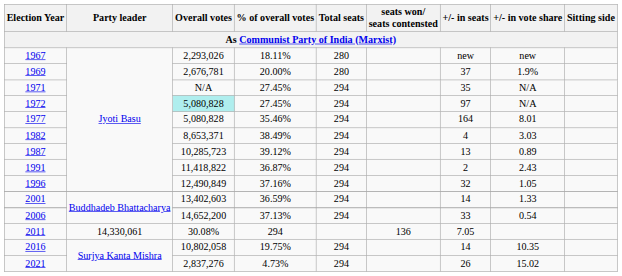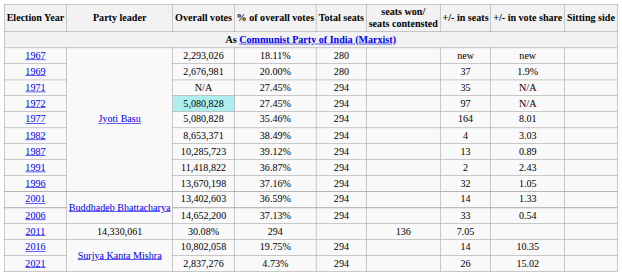 <table class="wikitable sortable" style="text-align:center">
 <tr>
 <th Style="background-color:">Election Year</th>
 <th Style="background-color:">Party leader</th>
 <th Style="background-color:">Overall votes</th>
 <th Style="background-color:">% of overall votes</th>
 <th Style="background-color:">Total seats</th>
 <th Style="background-color:">seats won/<br>seats contensted</th>
 <th Style="background-color:">+/- in seats</th>
 <th Style="background-color:">+/- in vote share</th>
 <th Style="background-color:">Sitting side</th>
 </tr>
 <tr>
 <th colspan=13>As <a href='#'>Communist Party of India (Marxist)</a></th>
 </tr>
 <tr>
 <td><a href='#'>1967</a></td>
 <td rowspan="9"><a href='#'>Jyoti Basu</a></td>
 <td>2,293,026</td>
 <td>18.11%</td>
 <td>280</td>
 <td></td>
 <td>new</td>
 <td>new</td>
 <td></td>
 </tr>
 <tr>
 <td><a href='#'>1969</a></td>
-<td>2,676,781</td>
+<td>2,676,981</td>
 <td>20.00%</td>
 <td>280</td>
 <td></td>
 <td> 37</td>
 <td> 1.9%</td>
 <td></td>
 </tr>
 <tr>
 <td><a href='#'>1971</a></td>
 <td>N/A</td>
 <td>27.45%</td>
 <td>294</td>
 <td></td>
 <td> 35</td>
 <td>N/A</td>
 <td></td>
 </tr>
 <tr>
 <td><a href='#'>1972</a></td>
 <td style="background: paleturquoise;">5,080,828</td>
 <td>27.45%</td>
 <td>294</td>
 <td></td>
 <td> 97</td>
 <td>N/A</td>
 <td></td>
 </tr>
 <tr>
 <td><a href='#'>1977</a></td>
 <td>5,080,828</td>
 <td>35.46%</td>
 <td>294</td>
 <td></td>
 <td> 164</td>
 <td> 8.01</td>
 <td></td>
 </tr>
 <tr>
 <td><a href='#'>1982</a></td>
 <td>8,653,371</td>
 <td>38.49%</td>
 <td>294</td>
 <td></td>
 <td> 4</td>
 <td> 3.03</td>
 <td></td>
 </tr>
 <tr>
 <td><a href='#'>1987</a></td>
 <td>10,285,723</td>
 <td>39.12%</td>
 <td>294</td>
 <td></td>
 <td> 13</td>
 <td> 0.89</td>
 <td></td>
 </tr>
 <tr>
 <td><a href='#'>1991</a></td>
 <td>11,418,822</td>
 <td>36.87%</td>
 <td>294</td>
 <td></td>
 <td> 2</td>
 <td> 2.43</td>
 <td></td>
 </tr>
 <tr>
 <td><a href='#'>1996</a></td>
-<td>12,490,849</td>
+<td>13,670,198</td>
 <td>37.16%</td>
 <td>294</td>
 <td></td>
 <td> 32</td>
 <td> 1.05</td>
 <td></td>
 </tr>
 <tr>
 </tr>
 <tr>
 <td><a href='#'>2001</a></td>
 <td rowspan="3"><a href='#'>Buddhadeb Bhattacharya</a></td>
 <td>13,402,603</td>
 <td>36.59%</td>
 <td>294</td>
 <td></td>
 <td> 14</td>
 <td> 1.33</td>
 <td></td>
 </tr>
 <tr>
 </tr>
 <tr>
 <td><a href='#'>2006</a></td>
 <td>14,652,200</td>
 <td>37.13%</td>
 <td>294</td>
 <td></td>
 <td> 33</td>
 <td> 0.54</td>
 <td></td>
 </tr>
 <tr>
 <td><a href='#'>2011</a></td>
 <td>14,330,061</td>
 <td>30.08%</td>
 <td>294</td>
 <td></td>
 <td> 136</td>
 <td> 7.05</td>
 <td></td>
 </tr>
 <tr>
 <td><a href='#'>2016</a></td>
 <td rowspan="2"><a href='#'>Surjya Kanta Mishra</a></td>
 <td>10,802,058</td>
 <td>19.75%</td>
 <td>294</td>
 <td></td>
 <td> 14</td>
 <td> 10.35</td>
 <td></td>
 </tr>
 <tr>
 <td><a href='#'>2021</a></td>
 <td>2,837,276</td>
 <td>4.73%</td>
 <td>294</td>
 <td></td>
 <td> 26</td>
 <td> 15.02</td>
 <td></td>
 </tr>
 </table>
